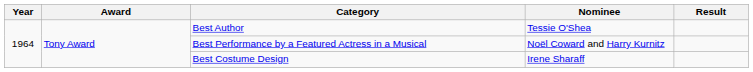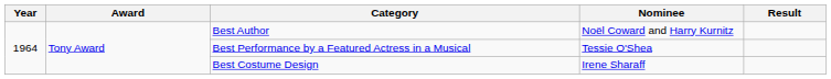 <table class="wikitable" width="95%">
 <tr>
 <th width="5%">Year</th>
 <th width="20%">Award</th>
 <th width="45%">Category</th>
 <th width="20%">Nominee</th>
 <th width="10%">Result</th>
 </tr>
 <tr>
 <td rowspan="3" align="center">1964</td>
 <td rowspan="3"><a href='#'>Tony Award</a></td>
 <td><a href='#'>Best Author</a></td>
-<td><a href='#'>Tessie O'Shea</a></td>
+<td><a href='#'>Noël Coward</a> and <a href='#'>Harry Kurnitz</a></td>
 <td></td>
 </tr>
 <tr>
 <td><a href='#'>Best Performance by a Featured Actress in a Musical</a></td>
-<td><a href='#'>Noël Coward</a> and <a href='#'>Harry Kurnitz</a></td>
+<td><a href='#'>Tessie O'Shea</a></td>
 <td></td>
 </tr>
 <tr>
 <td><a href='#'>Best Costume Design</a></td>
 <td><a href='#'>Irene Sharaff</a></td>
 <td></td>
 </tr>
 </table>
